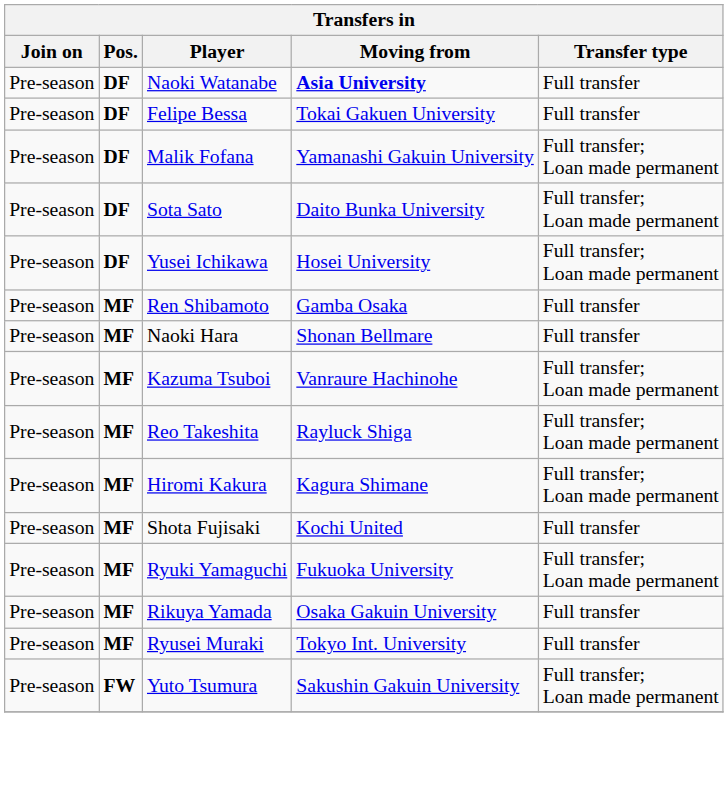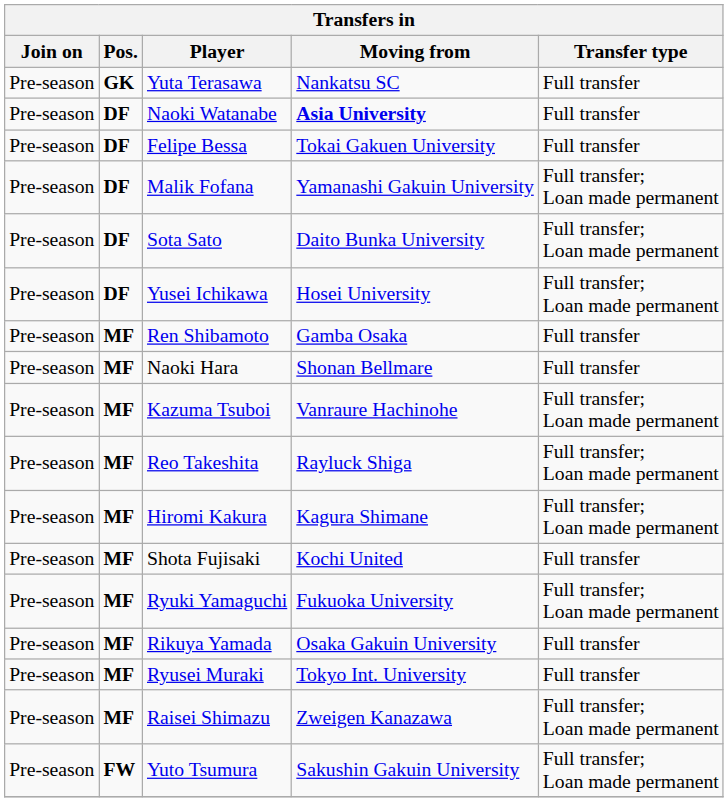 <table class="wikitable sortable" style=“text-align:left;>
 <tr>
 <th colspan="5">Transfers in</th>
 </tr>
 <tr>
 <th>Join on</th>
 <th>Pos.</th>
 <th>Player</th>
 <th>Moving from</th>
 <th>Transfer type</th>
+</tr>
+<tr>
+<td>Pre-season</td>
+<td><strong>GK</strong></td>
+<td> <a href='#'>Yuta Terasawa</a></td>
+<td> <a href='#'>Nankatsu SC</a></td>
+<td>Full transfer</td>
 </tr>
 <tr>
 <td>Pre-season</td>
 <td><strong>DF</strong></td>
 <td> <a href='#'>Naoki Watanabe</a></td>
 <td><strong> <a href='#'>Asia University</a></strong></td>
 <td>Full transfer</td>
 </tr>
 <tr>
 <td>Pre-season</td>
 <td><strong>DF</strong></td>
 <td> <a href='#'>Felipe Bessa</a></td>
 <td> <a href='#'>Tokai Gakuen University</a></td>
 <td>Full transfer</td>
 </tr>
 <tr>
 <td>Pre-season</td>
 <td><strong>DF</strong></td>
 <td> <a href='#'>Malik Fofana</a></td>
 <td> <a href='#'>Yamanashi Gakuin University</a></td>
 <td>Full transfer;<br> Loan made permanent</td>
 </tr>
 <tr>
 <td>Pre-season</td>
 <td><strong>DF</strong></td>
 <td> <a href='#'>Sota Sato</a></td>
 <td> <a href='#'>Daito Bunka University</a></td>
 <td>Full transfer;<br> Loan made permanent</td>
 </tr>
 <tr>
 <td>Pre-season</td>
 <td><strong>DF</strong></td>
 <td> <a href='#'>Yusei Ichikawa</a></td>
 <td> <a href='#'>Hosei University</a></td>
 <td>Full transfer;<br> Loan made permanent</td>
 </tr>
 <tr>
 <td>Pre-season</td>
 <td><strong>MF</strong></td>
 <td> <a href='#'>Ren Shibamoto</a></td>
 <td> <a href='#'>Gamba Osaka</a></td>
 <td>Full transfer</td>
 </tr>
 <tr>
 <td>Pre-season</td>
 <td><strong>MF</strong></td>
 <td> Naoki Hara</td>
 <td> <a href='#'>Shonan Bellmare</a></td>
 <td>Full transfer</td>
 </tr>
 <tr>
 <td>Pre-season</td>
 <td><strong>MF</strong></td>
 <td> <a href='#'>Kazuma Tsuboi</a></td>
 <td> <a href='#'>Vanraure Hachinohe</a></td>
 <td>Full transfer;<br> Loan made permanent</td>
 </tr>
 <tr>
 <td>Pre-season</td>
 <td><strong>MF</strong></td>
 <td> <a href='#'>Reo Takeshita</a></td>
 <td> <a href='#'>Rayluck Shiga</a></td>
 <td>Full transfer;<br> Loan made permanent</td>
 </tr>
 <tr>
 <td>Pre-season</td>
 <td><strong>MF</strong></td>
 <td> <a href='#'>Hiromi Kakura</a></td>
 <td> <a href='#'>Kagura Shimane</a></td>
 <td>Full transfer;<br> Loan made permanent</td>
 </tr>
 <tr>
 <td>Pre-season</td>
 <td><strong>MF</strong></td>
 <td> Shota Fujisaki</td>
 <td> <a href='#'>Kochi United</a></td>
 <td>Full transfer</td>
 </tr>
 <tr>
 <td>Pre-season</td>
 <td><strong>MF</strong></td>
 <td> <a href='#'>Ryuki Yamaguchi</a></td>
 <td> <a href='#'>Fukuoka University</a></td>
 <td>Full transfer;<br> Loan made permanent</td>
 </tr>
 <tr>
 <td>Pre-season</td>
 <td><strong>MF</strong></td>
 <td> <a href='#'>Rikuya Yamada</a></td>
 <td> <a href='#'>Osaka Gakuin University</a></td>
 <td>Full transfer</td>
 </tr>
 <tr>
 <td>Pre-season</td>
 <td><strong>MF</strong></td>
 <td> <a href='#'>Ryusei Muraki</a></td>
 <td> <a href='#'>Tokyo Int. University</a></td>
 <td>Full transfer</td>
 </tr>
 <tr>
 <td>Pre-season</td>
+<td><strong>MF</strong></td>
+<td> <a href='#'>Raisei Shimazu</a></td>
+<td> <a href='#'>Zweigen Kanazawa</a></td>
+<td>Full transfer;<br> Loan made permanent</td>
+</tr>
+<tr>
+<td>Pre-season</td>
 <td><strong>FW</strong></td>
 <td> <a href='#'>Yuto Tsumura</a></td>
 <td> <a href='#'>Sakushin Gakuin University</a></td>
 <td>Full transfer;<br> Loan made permanent</td>
 </tr>
 <tr>
 </tr>
 </table>
